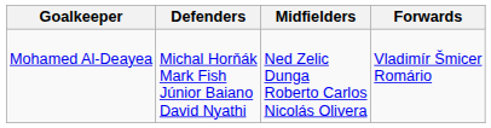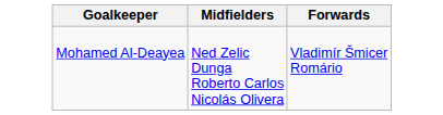 <table class="wikitable" style="mArgin: 0 auto;">
 <tr>
 <th>Goalkeeper</th>
-<th>Defenders</th>
 <th>Midfielders</th>
 <th>Forwards</th>
 </tr>
 <tr>
 <td valign=top><br> <a href='#'>Mohamed Al-Deayea</a></td>
-<td valign=top><br> <a href='#'>Michal Horňák</a><br>  <a href='#'>Mark Fish</a><br>  <a href='#'>Júnior Baiano</a><br>  <a href='#'>David Nyathi</a></td>
 <td valign=top><br> <a href='#'>Ned Zelic</a><br>  <a href='#'>Dunga</a><br>  <a href='#'>Roberto Carlos</a><br>  <a href='#'>Nicolás Olivera</a></td>
 <td valign=top><br> <a href='#'>Vladimír Šmicer</a><br>  <a href='#'>Romário</a></td>
 </tr>
 </table>
